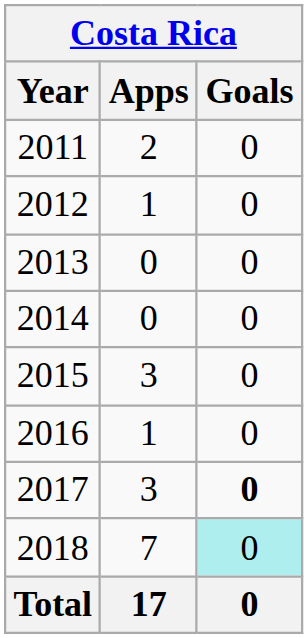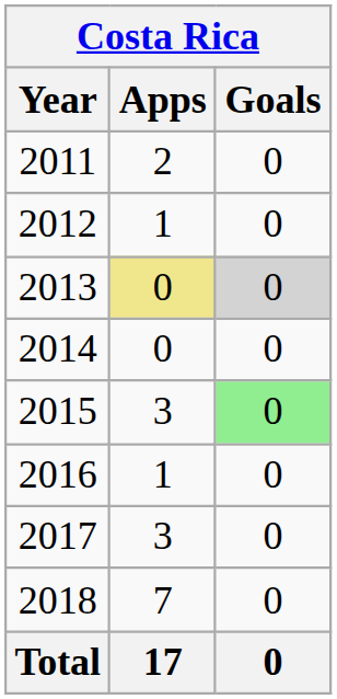 <table class="wikitable" style="text-align:center">
 <tr>
 <th colspan=3><a href='#'>Costa Rica</a></th>
 </tr>
 <tr>
 <th>Year</th>
 <th>Apps</th>
 <th>Goals</th>
 </tr>
 <tr>
 <td>2011</td>
 <td>2</td>
 <td>0</td>
 </tr>
 <tr>
 <td>2012</td>
 <td>1</td>
 <td>0</td>
 </tr>
 <tr>
 <td>2013</td>
-<td>0</td>
-<td>0</td>
+<td style="background: khaki;">0</td>
+<td style="background: lightgrey;">0</td>
 </tr>
 <tr>
 <td>2014</td>
 <td>0</td>
 <td>0</td>
 </tr>
 <tr>
 <td>2015</td>
 <td>3</td>
-<td>0</td>
+<td style="background: lightgreen;">0</td>
 </tr>
 <tr>
 <td>2016</td>
 <td>1</td>
 <td>0</td>
 </tr>
 <tr>
 <td>2017</td>
 <td>3</td>
-<td><strong>0</strong></td>
+<td>0</td>
 </tr>
 <tr>
 <td>2018</td>
 <td>7</td>
-<td style="background: paleturquoise;">0</td>
+<td>0</td>
 </tr>
 <tr>
 <th>Total</th>
 <th>17</th>
 <th>0</th>
 </tr>
 </table>
